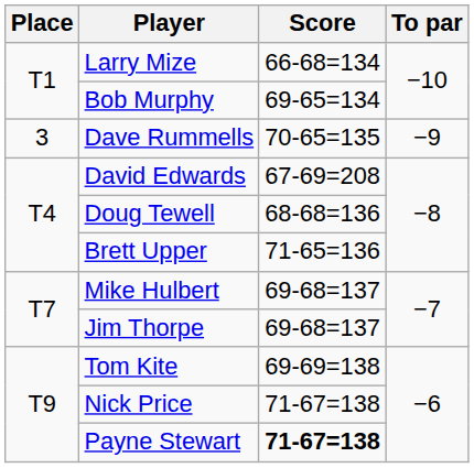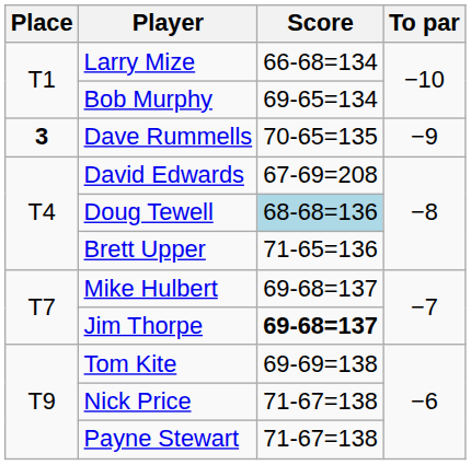 <table class="wikitable">
 <tr>
 <th>Place</th>
 <th>Player</th>
 <th>Score</th>
 <th>To par</th>
 </tr>
 <tr>
 <td rowspan=2 align=center>T1</td>
 <td> <a href='#'>Larry Mize</a></td>
 <td align=center>66-68=134</td>
 <td rowspan=2 align=center>−10</td>
 </tr>
 <tr>
 <td> <a href='#'>Bob Murphy</a></td>
 <td align=center>69-65=134</td>
 </tr>
 <tr>
-<td align=center>3</td>
+<td align=center><strong>3</strong></td>
 <td> <a href='#'>Dave Rummells</a></td>
 <td align=center>70-65=135</td>
 <td align=center>−9</td>
 </tr>
 <tr>
 <td rowspan=3 align=center>T4</td>
 <td> <a href='#'>David Edwards</a></td>
 <td align=center>67-69=208</td>
 <td rowspan=3 align=center>−8</td>
 </tr>
 <tr>
 <td> <a href='#'>Doug Tewell</a></td>
-<td align=center>68-68=136</td>
+<td align=center style="background: lightblue;">68-68=136</td>
 </tr>
 <tr>
 <td> <a href='#'>Brett Upper</a></td>
 <td align=center>71-65=136</td>
 </tr>
 <tr>
 <td rowspan=2 align=center>T7</td>
 <td> <a href='#'>Mike Hulbert</a></td>
 <td align=center>69-68=137</td>
 <td rowspan=2 align=center>−7</td>
 </tr>
 <tr>
 <td> <a href='#'>Jim Thorpe</a></td>
-<td align=center>69-68=137</td>
+<td align=center><strong>69-68=137</strong></td>
 </tr>
 <tr>
 <td rowspan=3 align=center>T9</td>
 <td> <a href='#'>Tom Kite</a></td>
 <td align=center>69-69=138</td>
 <td rowspan=3 align=center>−6</td>
 </tr>
 <tr>
 <td> <a href='#'>Nick Price</a></td>
 <td align=center>71-67=138</td>
 </tr>
 <tr>
 <td> <a href='#'>Payne Stewart</a></td>
-<td align=center><strong>71-67=138</strong></td>
+<td align=center>71-67=138</td>
 </tr>
 </table>
